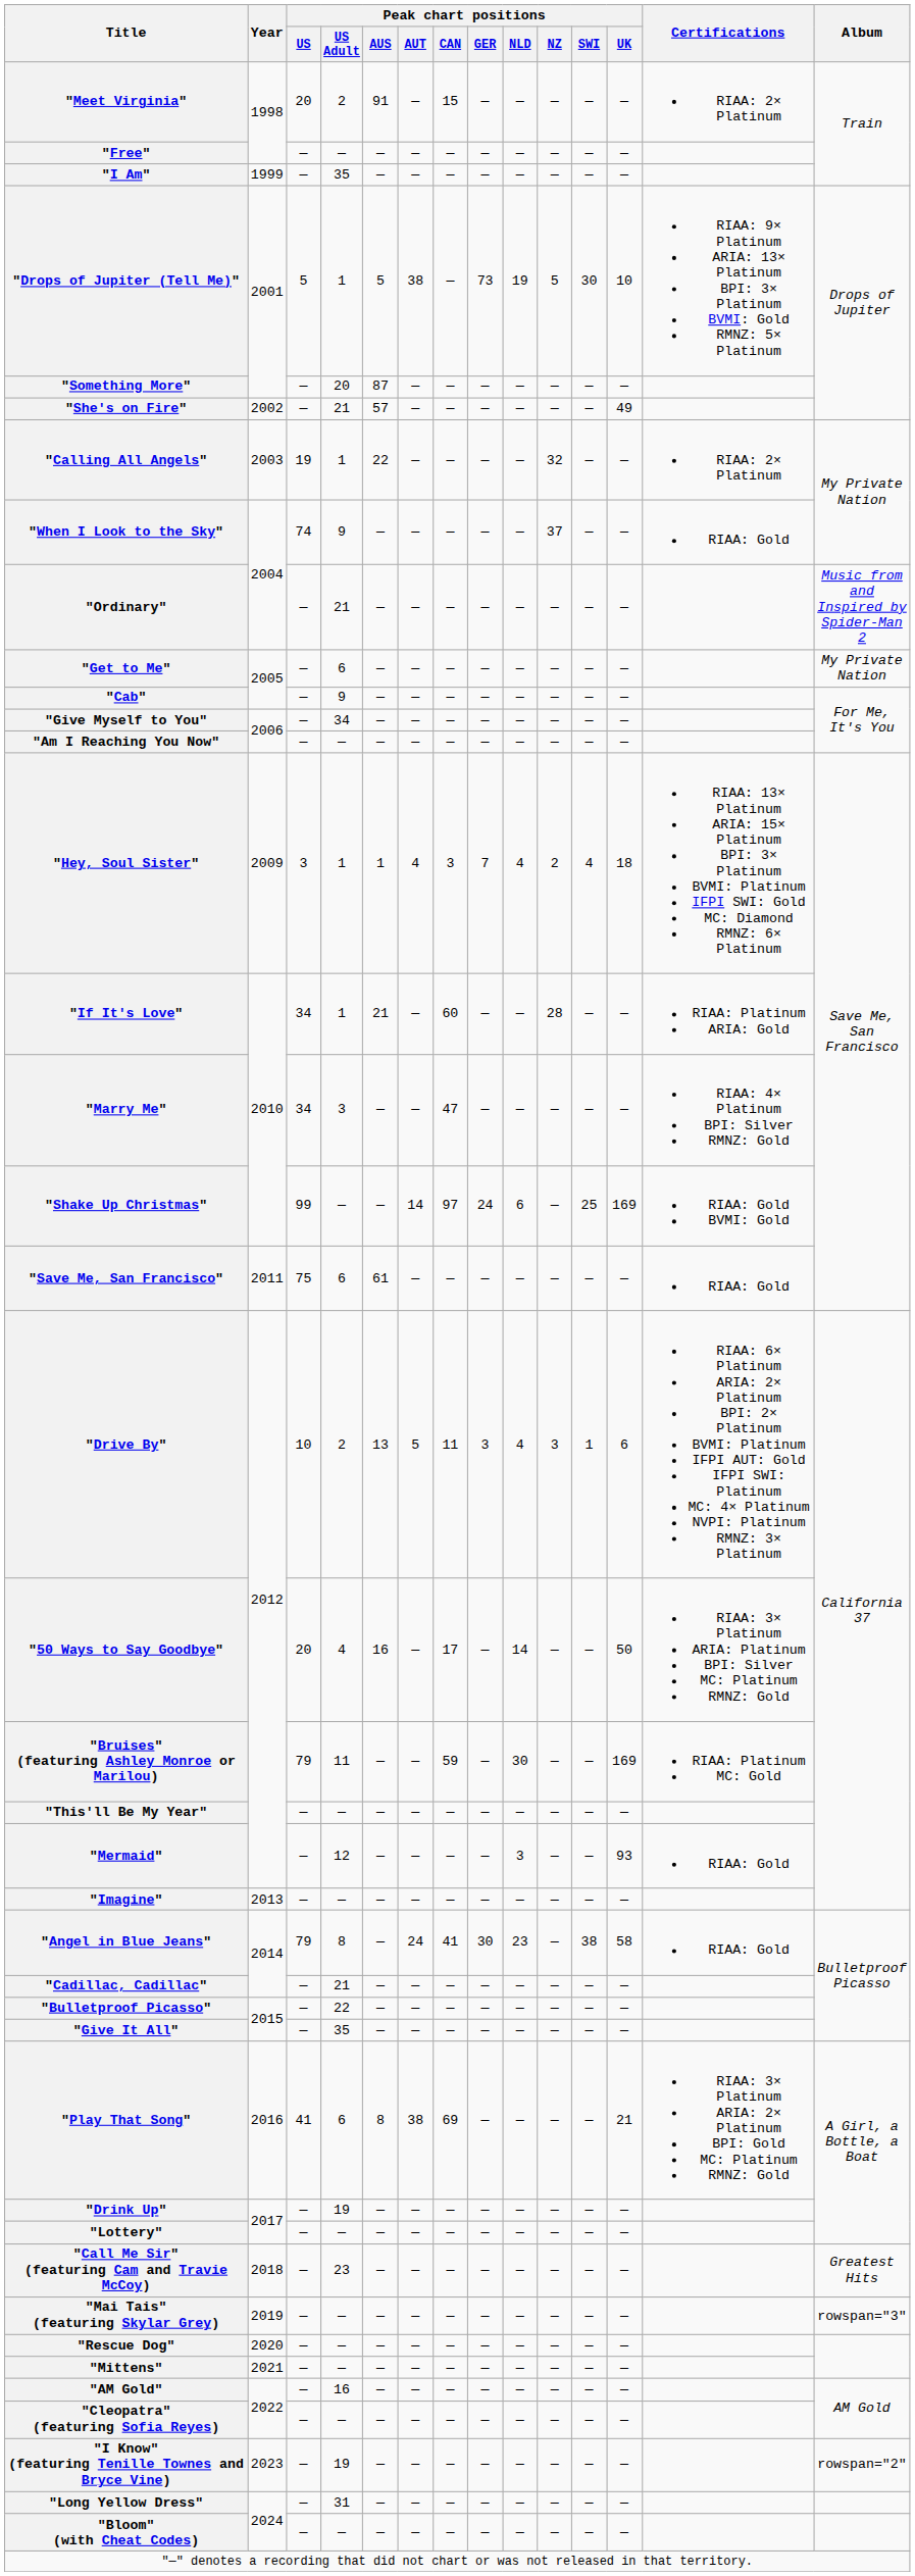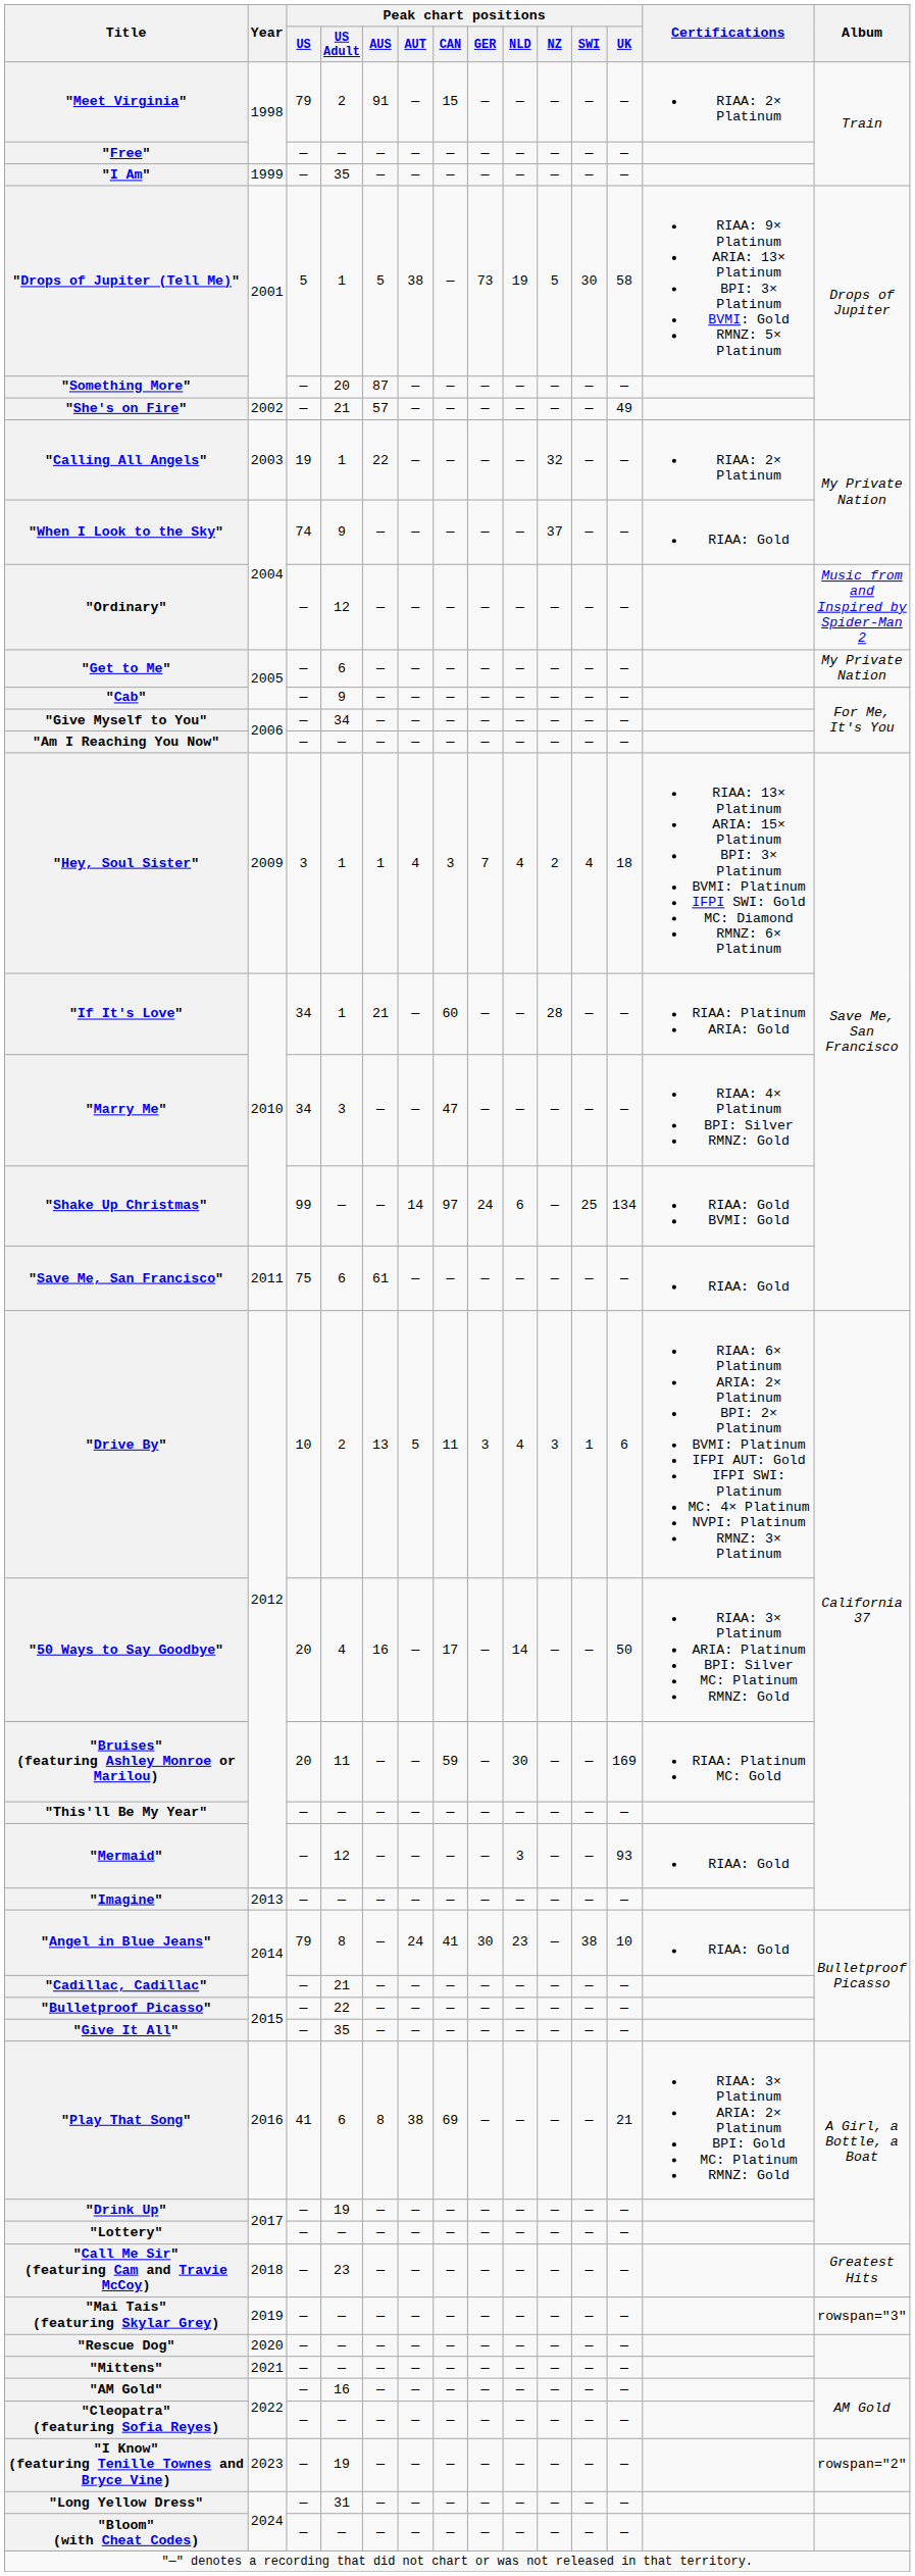 <table class="wikitable plainrowheaders" style="text-align:center;">
 <tr>
 <th scope="col" rowspan="2" style="width:19.5em;">Title</th>
 <th scope="col" rowspan="2">Year</th>
 <th scope="col" colspan="10">Peak chart positions</th>
 <th scope="col" rowspan="2" style="width:13em;"><a href='#'>Certifications</a></th>
 <th scope="col" rowspan="2">Album</th>
 </tr>
 <tr>
 <th scope="col" style="width:2.5em;font-size:90%;"><a href='#'>US</a><br></th>
 <th scope="col" style="width:2.5em;font-size:90%;"><a href='#'>US<br>Adult</a><br></th>
 <th scope="col" style="width:2.5em;font-size:90%;"><a href='#'>AUS</a><br></th>
 <th scope="col" style="width:2.5em;font-size:90%;"><a href='#'>AUT</a><br></th>
 <th scope="col" style="width:2.5em;font-size:90%;"><a href='#'>CAN</a><br></th>
 <th scope="col" style="width:2.5em;font-size:90%;"><a href='#'>GER</a><br></th>
 <th scope="col" style="width:2.5em;font-size:90%;"><a href='#'>NLD</a><br></th>
 <th scope="col" style="width:2.5em;font-size:90%;"><a href='#'>NZ</a><br></th>
 <th scope="col" style="width:2.5em;font-size:90%;"><a href='#'>SWI</a><br></th>
 <th scope="col" style="width:2.5em;font-size:90%;"><a href='#'>UK</a><br></th>
 </tr>
 <tr>
 <th scope="row">"<a href='#'>Meet Virginia</a>"</th>
 <td rowspan="2">1998</td>
-<td>20</td>
+<td>79</td>
 <td>2</td>
 <td>91</td>
 <td>—</td>
 <td>15</td>
 <td>—</td>
 <td>—</td>
 <td>—</td>
 <td>—</td>
 <td>—</td>
 <td><br><ul><li>RIAA: 2× Platinum</li></ul></td>
 <td rowspan="3"><em>Train</em></td>
 </tr>
 <tr>
 <th scope="row">"<a href='#'>Free</a>"</th>
 <td>—</td>
 <td>—</td>
 <td>—</td>
 <td>—</td>
 <td>—</td>
 <td>—</td>
 <td>—</td>
 <td>—</td>
 <td>—</td>
 <td>—</td>
 <td></td>
 </tr>
 <tr>
 <th scope="row">"<a href='#'>I Am</a>"</th>
 <td>1999</td>
 <td>—</td>
 <td>35</td>
 <td>—</td>
 <td>—</td>
 <td>—</td>
 <td>—</td>
 <td>—</td>
 <td>—</td>
 <td>—</td>
 <td>—</td>
 <td></td>
 </tr>
 <tr>
 <th scope="row">"<a href='#'>Drops of Jupiter (Tell Me)</a>"</th>
 <td rowspan="2">2001</td>
 <td>5</td>
 <td>1</td>
 <td>5</td>
 <td>38</td>
 <td>—</td>
 <td>73</td>
 <td>19</td>
 <td>5</td>
 <td>30</td>
-<td>10</td>
+<td>58</td>
 <td><br><ul><li>RIAA: 9× Platinum</li><li>ARIA: 13× Platinum</li><li>BPI: 3× Platinum</li><li><a href='#'>BVMI</a>: Gold</li><li>RMNZ: 5× Platinum</li></ul></td>
 <td rowspan="3"><em>Drops of Jupiter</em></td>
 </tr>
 <tr>
 <th scope="row">"<a href='#'>Something More</a>"</th>
 <td>—</td>
 <td>20</td>
 <td>87</td>
 <td>—</td>
 <td>—</td>
 <td>—</td>
 <td>—</td>
 <td>—</td>
 <td>—</td>
 <td>—</td>
 <td></td>
 </tr>
 <tr>
 <th scope="row">"<a href='#'>She's on Fire</a>"</th>
 <td>2002</td>
 <td>—</td>
 <td>21</td>
 <td>57</td>
 <td>—</td>
 <td>—</td>
 <td>—</td>
 <td>—</td>
 <td>—</td>
 <td>—</td>
 <td>49</td>
 <td></td>
 </tr>
 <tr>
 <th scope="row">"<a href='#'>Calling All Angels</a>"</th>
 <td>2003</td>
 <td>19</td>
 <td>1</td>
 <td>22</td>
 <td>—</td>
 <td>—</td>
 <td>—</td>
 <td>—</td>
 <td>32</td>
 <td>—</td>
 <td>—</td>
 <td><br><ul><li>RIAA: 2× Platinum</li></ul></td>
 <td rowspan="2"><em>My Private Nation</em></td>
 </tr>
 <tr>
 <th scope="row">"<a href='#'>When I Look to the Sky</a>"</th>
 <td rowspan="2">2004</td>
 <td>74</td>
 <td>9</td>
 <td>—</td>
 <td>—</td>
 <td>—</td>
 <td>—</td>
 <td>—</td>
 <td>37</td>
 <td>—</td>
 <td>—</td>
 <td><br><ul><li>RIAA: Gold</li></ul></td>
 </tr>
 <tr>
 <th scope="row">"Ordinary"</th>
 <td>—</td>
-<td>21</td>
+<td>12</td>
 <td>—</td>
 <td>—</td>
 <td>—</td>
 <td>—</td>
 <td>—</td>
 <td>—</td>
 <td>—</td>
 <td>—</td>
 <td></td>
 <td><em><a href='#'>Music from and Inspired by Spider-Man 2</a></em></td>
 </tr>
 <tr>
 <th scope="row">"<a href='#'>Get to Me</a>"</th>
 <td rowspan="2">2005</td>
 <td>—</td>
 <td>6</td>
 <td>—</td>
 <td>—</td>
 <td>—</td>
 <td>—</td>
 <td>—</td>
 <td>—</td>
 <td>—</td>
 <td>—</td>
 <td></td>
 <td><em>My Private Nation</em></td>
 </tr>
 <tr>
 <th scope="row">"<a href='#'>Cab</a>"</th>
 <td>—</td>
 <td>9</td>
 <td>—</td>
 <td>—</td>
 <td>—</td>
 <td>—</td>
 <td>—</td>
 <td>—</td>
 <td>—</td>
 <td>—</td>
 <td></td>
 <td rowspan="3"><em>For Me, It's You</em></td>
 </tr>
 <tr>
 <th scope="row">"Give Myself to You"</th>
 <td rowspan="2">2006</td>
 <td>—</td>
 <td>34</td>
 <td>—</td>
 <td>—</td>
 <td>—</td>
 <td>—</td>
 <td>—</td>
 <td>—</td>
 <td>—</td>
 <td>—</td>
 <td></td>
 </tr>
 <tr>
 <th scope="row">"Am I Reaching You Now"</th>
 <td>—</td>
 <td>—</td>
 <td>—</td>
 <td>—</td>
 <td>—</td>
 <td>—</td>
 <td>—</td>
 <td>—</td>
 <td>—</td>
 <td>—</td>
 <td></td>
 </tr>
 <tr>
 <th scope="row">"<a href='#'>Hey, Soul Sister</a>"</th>
 <td>2009</td>
 <td>3</td>
 <td>1</td>
 <td>1</td>
 <td>4</td>
 <td>3</td>
 <td>7</td>
 <td>4</td>
 <td>2</td>
 <td>4</td>
 <td>18</td>
 <td><br><ul><li>RIAA: 13× Platinum</li><li>ARIA: 15× Platinum</li><li>BPI: 3× Platinum</li><li>BVMI: Platinum</li><li><a href='#'>IFPI</a> SWI: Gold</li><li>MC: Diamond</li><li>RMNZ: 6× Platinum</li></ul></td>
 <td rowspan="5"><em>Save Me, San Francisco</em></td>
 </tr>
 <tr>
 <th scope="row">"<a href='#'>If It's Love</a>"</th>
 <td rowspan="3">2010</td>
 <td>34</td>
 <td>1</td>
 <td>21</td>
 <td>—</td>
 <td>60</td>
 <td>—</td>
 <td>—</td>
 <td>28</td>
 <td>—</td>
 <td>—</td>
 <td><br><ul><li>RIAA: Platinum</li><li>ARIA: Gold</li></ul></td>
 </tr>
 <tr>
 <th scope="row">"<a href='#'>Marry Me</a>"</th>
 <td>34</td>
 <td>3</td>
 <td>—</td>
 <td>—</td>
 <td>47</td>
 <td>—</td>
 <td>—</td>
 <td>—</td>
 <td>—</td>
 <td>—</td>
 <td><br><ul><li>RIAA: 4× Platinum</li><li>BPI: Silver</li><li>RMNZ: Gold</li></ul></td>
 </tr>
 <tr>
 <th scope="row">"<a href='#'>Shake Up Christmas</a>"</th>
 <td>99</td>
 <td>—</td>
 <td>—</td>
 <td>14</td>
 <td>97</td>
 <td>24</td>
 <td>6</td>
 <td>—</td>
 <td>25</td>
-<td>169</td>
+<td>134</td>
 <td><br><ul><li>RIAA: Gold</li><li>BVMI: Gold</li></ul></td>
 </tr>
 <tr>
 <th scope="row">"<a href='#'>Save Me, San Francisco</a>"</th>
 <td>2011</td>
 <td>75</td>
 <td>6</td>
 <td>61</td>
 <td>—</td>
 <td>—</td>
 <td>—</td>
 <td>—</td>
 <td>—</td>
 <td>—</td>
 <td>—</td>
 <td><br><ul><li>RIAA: Gold</li></ul></td>
 </tr>
 <tr>
 <th scope="row">"<a href='#'>Drive By</a>"</th>
 <td rowspan="5">2012</td>
 <td>10</td>
 <td>2</td>
 <td>13</td>
 <td>5</td>
 <td>11</td>
 <td>3</td>
 <td>4</td>
 <td>3</td>
 <td>1</td>
 <td>6</td>
 <td><br><ul><li>RIAA: 6× Platinum</li><li>ARIA: 2× Platinum</li><li>BPI: 2× Platinum</li><li>BVMI: Platinum</li><li>IFPI AUT: Gold</li><li>IFPI SWI: Platinum</li><li>MC: 4× Platinum</li><li>NVPI: Platinum</li><li>RMNZ: 3× Platinum</li></ul></td>
 <td rowspan="6"><em>California 37</em></td>
 </tr>
 <tr>
 <th scope="row">"<a href='#'>50 Ways to Say Goodbye</a>"</th>
 <td>20</td>
 <td>4</td>
 <td>16</td>
 <td>—</td>
 <td>17</td>
 <td>—</td>
 <td>14</td>
 <td>—</td>
 <td>—</td>
 <td>50</td>
 <td><br><ul><li>RIAA: 3× Platinum</li><li>ARIA: Platinum</li><li>BPI: Silver</li><li>MC: Platinum</li><li>RMNZ: Gold</li></ul></td>
 </tr>
 <tr>
 <th scope="row">"<a href='#'>Bruises</a>"<br><span>(featuring <a href='#'>Ashley Monroe</a> or <a href='#'>Marilou</a>)</span></th>
-<td>79</td>
+<td>20</td>
 <td>11</td>
 <td>—</td>
 <td>—</td>
 <td>59</td>
 <td>—</td>
 <td>30</td>
 <td>—</td>
 <td>—</td>
 <td>169</td>
 <td><br><ul><li>RIAA: Platinum</li><li>MC: Gold</li></ul></td>
 </tr>
 <tr>
 <th scope="row">"This'll Be My Year"</th>
 <td>—</td>
 <td>—</td>
 <td>—</td>
 <td>—</td>
 <td>—</td>
 <td>—</td>
 <td>—</td>
 <td>—</td>
 <td>—</td>
 <td>—</td>
 <td></td>
 </tr>
 <tr>
 <th scope="row">"<a href='#'>Mermaid</a>"</th>
 <td>—</td>
 <td>12</td>
 <td>—</td>
 <td>—</td>
 <td>—</td>
 <td>—</td>
 <td>3</td>
 <td>—</td>
 <td>—</td>
 <td>93</td>
 <td><br><ul><li>RIAA: Gold</li></ul></td>
 </tr>
 <tr>
 <th scope="row">"<a href='#'>Imagine</a>"</th>
 <td>2013</td>
 <td>—</td>
 <td>—</td>
 <td>—</td>
 <td>—</td>
 <td>—</td>
 <td>—</td>
 <td>—</td>
 <td>—</td>
 <td>—</td>
 <td>—</td>
 <td></td>
 </tr>
 <tr>
 <th scope="row">"<a href='#'>Angel in Blue Jeans</a>"</th>
 <td rowspan="2">2014</td>
 <td>79</td>
 <td>8</td>
 <td>—</td>
 <td>24</td>
 <td>41</td>
 <td>30</td>
 <td>23</td>
 <td>—</td>
 <td>38</td>
-<td>58</td>
+<td>10</td>
 <td><br><ul><li>RIAA: Gold</li></ul></td>
 <td rowspan="4"><em>Bulletproof Picasso</em></td>
 </tr>
 <tr>
 <th scope="row">"<a href='#'>Cadillac, Cadillac</a>"</th>
 <td>—</td>
 <td>21</td>
 <td>—</td>
 <td>—</td>
 <td>—</td>
 <td>—</td>
 <td>—</td>
 <td>—</td>
 <td>—</td>
 <td>—</td>
 <td></td>
 </tr>
 <tr>
 <th scope="row">"<a href='#'>Bulletproof Picasso</a>"</th>
 <td rowspan="2">2015</td>
 <td>—</td>
 <td>22</td>
 <td>—</td>
 <td>—</td>
 <td>—</td>
 <td>—</td>
 <td>—</td>
 <td>—</td>
 <td>—</td>
 <td>—</td>
 <td></td>
 </tr>
 <tr>
 <th scope="row">"<a href='#'>Give It All</a>"</th>
 <td>—</td>
 <td>35</td>
 <td>—</td>
 <td>—</td>
 <td>—</td>
 <td>—</td>
 <td>—</td>
 <td>—</td>
 <td>—</td>
 <td>—</td>
 <td></td>
 </tr>
 <tr>
 <th scope="row">"<a href='#'>Play That Song</a>"</th>
 <td>2016</td>
 <td>41</td>
 <td>6</td>
 <td>8</td>
 <td>38</td>
 <td>69</td>
 <td>—</td>
 <td>—</td>
 <td>—</td>
 <td>—</td>
 <td>21</td>
 <td><br><ul><li>RIAA: 3× Platinum</li><li>ARIA: 2× Platinum</li><li>BPI: Gold</li><li>MC: Platinum</li><li>RMNZ: Gold</li></ul></td>
 <td rowspan="3"><em>A Girl, a Bottle, a Boat</em></td>
 </tr>
 <tr>
 <th scope="row">"<a href='#'>Drink Up</a>"</th>
 <td rowspan="2">2017</td>
 <td>—</td>
 <td>19</td>
 <td>—</td>
 <td>—</td>
 <td>—</td>
 <td>—</td>
 <td>—</td>
 <td>—</td>
 <td>—</td>
 <td>—</td>
 <td></td>
 </tr>
 <tr>
 <th scope="row">"Lottery"</th>
 <td>—</td>
 <td>—</td>
 <td>—</td>
 <td>—</td>
 <td>—</td>
 <td>—</td>
 <td>—</td>
 <td>—</td>
 <td>—</td>
 <td>—</td>
 <td></td>
 </tr>
 <tr>
 <th scope="row">"<a href='#'>Call Me Sir</a>"<br><span>(featuring <a href='#'>Cam</a> and <a href='#'>Travie McCoy</a>)</span></th>
 <td>2018</td>
 <td>—</td>
 <td>23</td>
 <td>—</td>
 <td>—</td>
 <td>—</td>
 <td>—</td>
 <td>—</td>
 <td>—</td>
 <td>—</td>
 <td>—</td>
 <td></td>
 <td><em>Greatest Hits</em></td>
 </tr>
 <tr>
 <th scope="row">"Mai Tais"<br><span>(featuring <a href='#'>Skylar Grey</a>)</span></th>
 <td>2019</td>
 <td>—</td>
 <td>—</td>
 <td>—</td>
 <td>—</td>
 <td>—</td>
 <td>—</td>
 <td>—</td>
 <td>—</td>
 <td>—</td>
 <td>—</td>
 <td></td>
 <td>rowspan="3" </td>
 </tr>
 <tr>
 <th scope="row">"Rescue Dog"</th>
 <td>2020</td>
 <td>—</td>
 <td>—</td>
 <td>—</td>
 <td>—</td>
 <td>—</td>
 <td>—</td>
 <td>—</td>
 <td>—</td>
 <td>—</td>
 <td>—</td>
 <td></td>
 </tr>
 <tr>
 <th scope="row">"Mittens"</th>
 <td>2021</td>
 <td>—</td>
 <td>—</td>
 <td>—</td>
 <td>—</td>
 <td>—</td>
 <td>—</td>
 <td>—</td>
 <td>—</td>
 <td>—</td>
 <td>—</td>
 <td></td>
 </tr>
 <tr>
 <th scope="row">"AM Gold"</th>
 <td rowspan="2">2022</td>
 <td>—</td>
 <td>16</td>
 <td>—</td>
 <td>—</td>
 <td>—</td>
 <td>—</td>
 <td>—</td>
 <td>—</td>
 <td>—</td>
 <td>—</td>
 <td></td>
 <td rowspan="2"><em>AM Gold</em></td>
 </tr>
 <tr>
 <th scope="row">"Cleopatra"<br><span>(featuring <a href='#'>Sofia Reyes</a>)</span></th>
 <td>—</td>
 <td>—</td>
 <td>—</td>
 <td>—</td>
 <td>—</td>
 <td>—</td>
 <td>—</td>
 <td>—</td>
 <td>—</td>
 <td>—</td>
 <td></td>
 </tr>
 <tr>
 <th scope="row">"I Know"<br><span>(featuring <a href='#'>Tenille Townes</a> and <a href='#'>Bryce Vine</a>)</span></th>
 <td>2023</td>
 <td>—</td>
 <td>19</td>
 <td>—</td>
 <td>—</td>
 <td>—</td>
 <td>—</td>
 <td>—</td>
 <td>—</td>
 <td>—</td>
 <td>—</td>
 <td></td>
 <td>rowspan="2" </td>
 </tr>
 <tr>
 <th scope="row">"Long Yellow Dress"</th>
 <td rowspan="2">2024</td>
 <td>—</td>
 <td>31</td>
 <td>—</td>
 <td>—</td>
 <td>—</td>
 <td>—</td>
 <td>—</td>
 <td>—</td>
 <td>—</td>
 <td>—</td>
 <td></td>
 </tr>
 <tr>
 <th scope="row">"Bloom"<br><span>(with <a href='#'>Cheat Codes</a>)</span></th>
 <td>—</td>
 <td>—</td>
 <td>—</td>
 <td>—</td>
 <td>—</td>
 <td>—</td>
 <td>—</td>
 <td>—</td>
 <td>—</td>
 <td>—</td>
 <td></td>
 <td></td>
 </tr>
 <tr>
 <td colspan="14" style="font-size:90%">"—" denotes a recording that did not chart or was not released in that territory.</td>
 </tr>
 </table>
